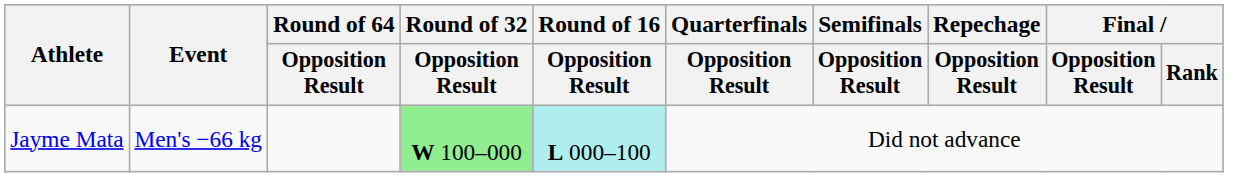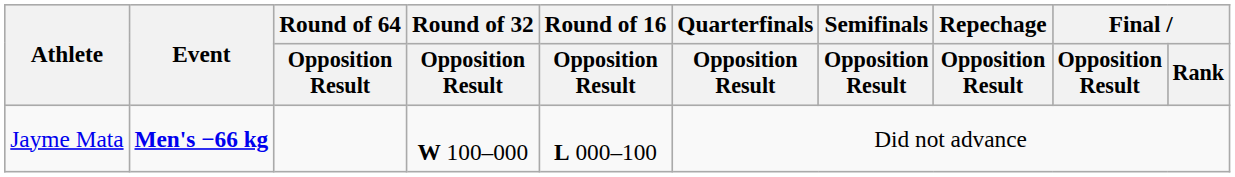 <table class="wikitable" style="font-size:90%">
 <tr>
 <th rowspan="2">Athlete</th>
 <th rowspan="2">Event</th>
 <th>Round of 64</th>
 <th>Round of 32</th>
 <th>Round of 16</th>
 <th>Quarterfinals</th>
 <th>Semifinals</th>
 <th>Repechage</th>
 <th colspan=2>Final / </th>
 </tr>
 <tr style="font-size:95%">
 <th>Opposition<br>Result</th>
 <th>Opposition<br>Result</th>
 <th>Opposition<br>Result</th>
 <th>Opposition<br>Result</th>
 <th>Opposition<br>Result</th>
 <th>Opposition<br>Result</th>
 <th>Opposition<br>Result</th>
 <th>Rank</th>
 </tr>
 <tr align=center>
 <td align=left><a href='#'>Jayme Mata</a></td>
-<td align=left><a href='#'>Men's −66 kg</a></td>
+<td align=left><strong><a href='#'>Men's −66 kg</a></strong></td>
 <td></td>
-<td style="background: lightgreen;"><br><strong>W</strong> 100–000</td>
-<td style="background: paleturquoise;"><br><strong>L</strong> 000–100</td>
+<td><br><strong>W</strong> 100–000</td>
+<td><br><strong>L</strong> 000–100</td>
 <td colspan=5>Did not advance</td>
 </tr>
 </table>
